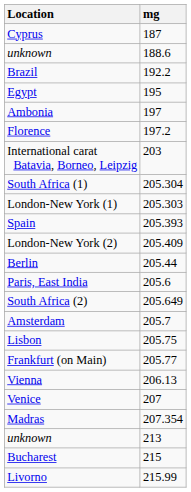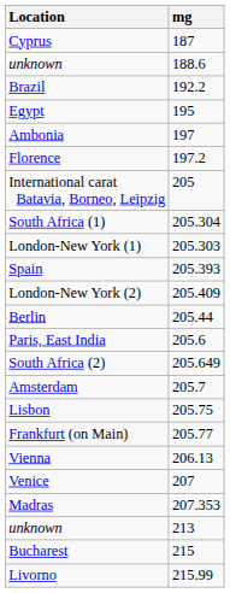 <table class="wikitable floatright">
 <tr>
 <th style="text-align:left;">Location</th>
 <th style="text-align:left;">mg</th>
 </tr>
 <tr>
 <td><a href='#'>Cyprus</a></td>
 <td>187</td>
 </tr>
 <tr>
 <td><em>unknown</em></td>
 <td>188.6</td>
 </tr>
 <tr>
 <td><a href='#'>Brazil</a></td>
 <td>192.2</td>
 </tr>
 <tr>
 <td><a href='#'>Egypt</a></td>
 <td>195</td>
 </tr>
 <tr>
 <td><a href='#'>Ambonia</a></td>
 <td>197</td>
 </tr>
 <tr>
 <td><a href='#'>Florence</a></td>
 <td>197.2</td>
 </tr>
 <tr>
 <td>International carat<br>  <a href='#'>Batavia</a>, <a href='#'>Borneo</a>, <a href='#'>Leipzig</a></td>
-<td style="vertical-align:top;">203</td>
+<td style="vertical-align:top;">205</td>
 </tr>
 <tr>
 <td><a href='#'>South Africa</a> (1)</td>
 <td>205.304</td>
 </tr>
 <tr>
 <td>London-New York (1)</td>
 <td>205.303</td>
 </tr>
 <tr>
 <td><a href='#'>Spain</a></td>
 <td>205.393</td>
 </tr>
 <tr>
 <td>London-New York (2)</td>
 <td>205.409</td>
 </tr>
 <tr>
 <td><a href='#'>Berlin</a></td>
 <td>205.44</td>
 </tr>
 <tr>
 <td><a href='#'>Paris, East India</a></td>
 <td>205.6</td>
 </tr>
 <tr>
 <td><a href='#'>South Africa</a> (2)</td>
 <td>205.649</td>
 </tr>
 <tr>
 <td><a href='#'>Amsterdam</a></td>
 <td>205.7</td>
 </tr>
 <tr>
 <td><a href='#'>Lisbon</a></td>
 <td>205.75</td>
 </tr>
 <tr>
 <td><a href='#'>Frankfurt</a> (on Main)</td>
 <td>205.77</td>
 </tr>
 <tr>
 <td><a href='#'>Vienna</a></td>
 <td>206.13</td>
 </tr>
 <tr>
 <td><a href='#'>Venice</a></td>
 <td>207</td>
 </tr>
 <tr>
 <td><a href='#'>Madras</a></td>
-<td>207.354</td>
+<td>207.353</td>
 </tr>
 <tr>
 <td><em>unknown</em></td>
 <td>213</td>
 </tr>
 <tr>
 <td><a href='#'>Bucharest</a></td>
 <td>215</td>
 </tr>
 <tr>
 <td><a href='#'>Livorno</a></td>
 <td>215.99</td>
 </tr>
 </table>
